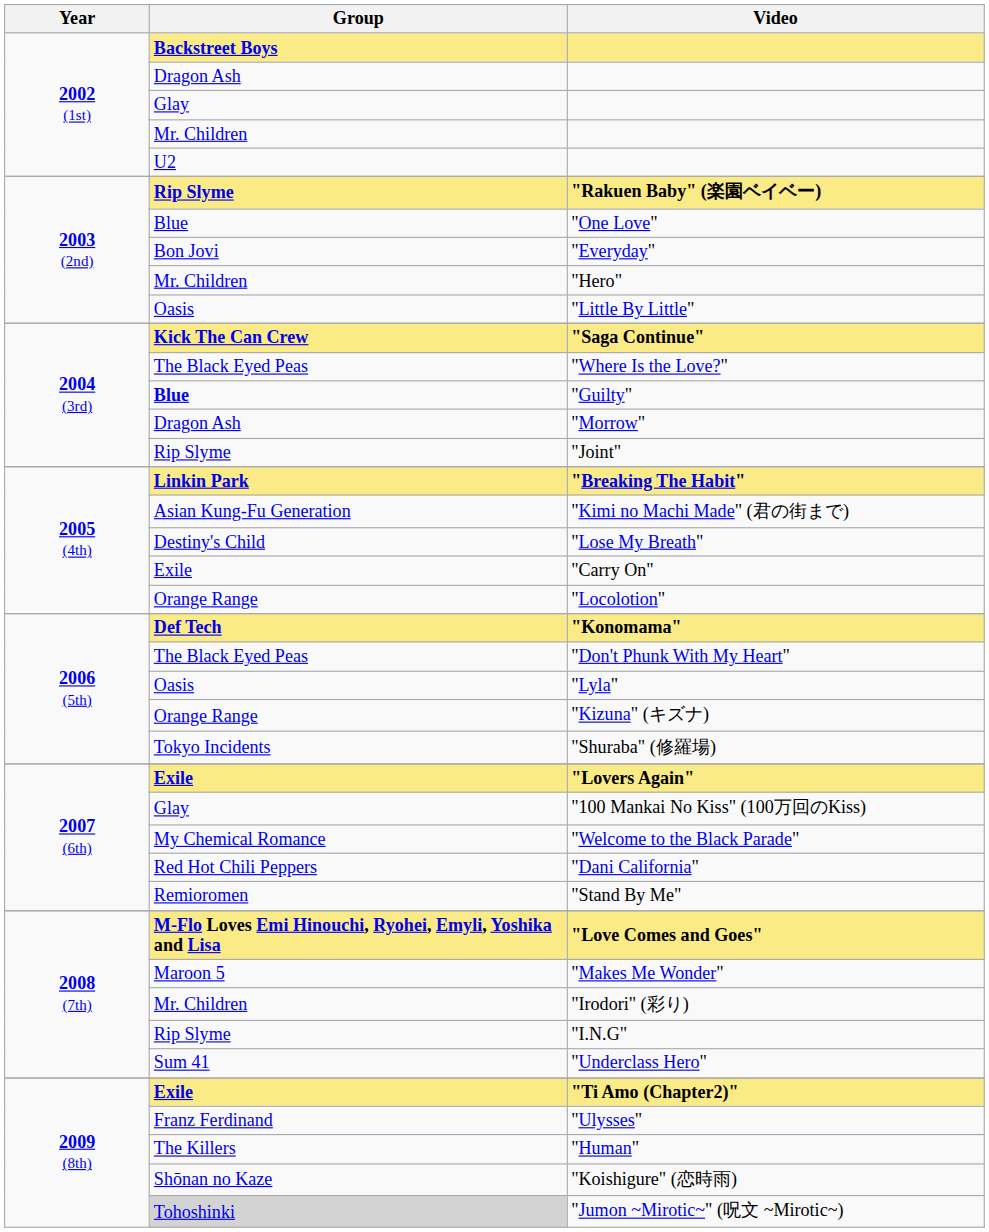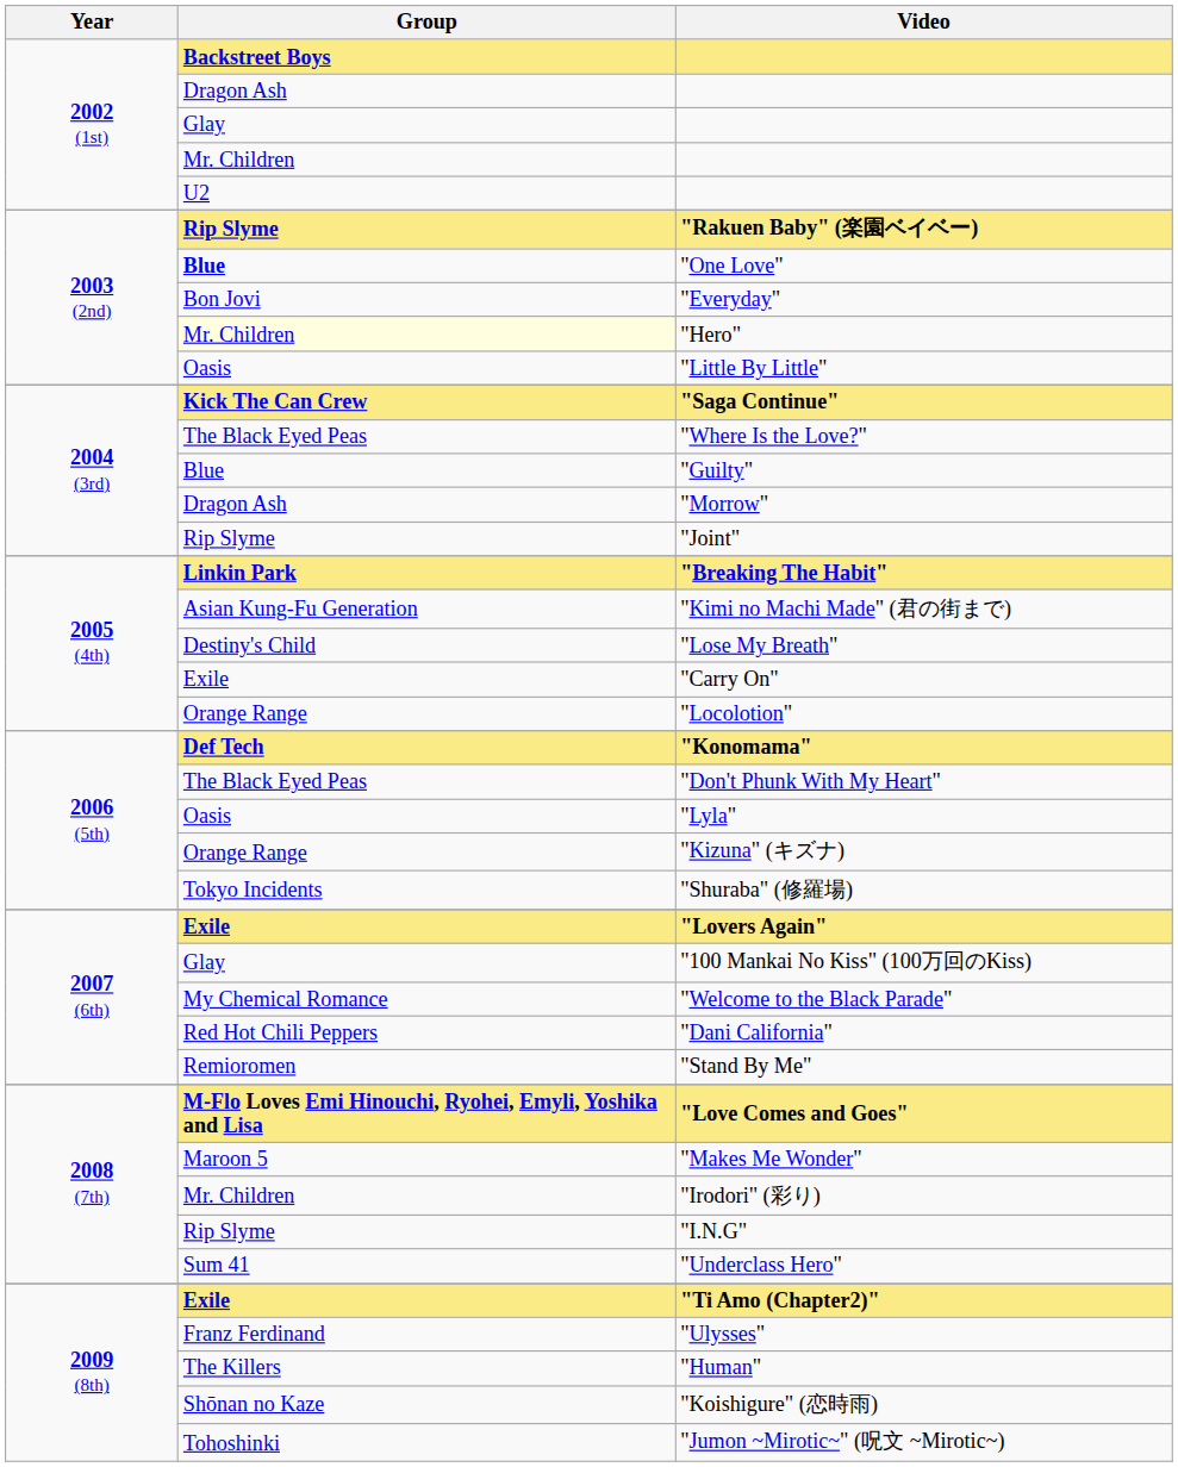 <table class="sortable wikitable">
 <tr>
 <th width="8%">Year</th>
 <th width="23%">Group</th>
 <th width="23%">Video</th>
 </tr>
 <tr>
 <td rowspan=5 style="text-align:center"><strong><a href='#'>2002</a></strong><br><small><a href='#'>(1st)</a></small></td>
 <td style="background:#FAEB86"><strong><a href='#'>Backstreet Boys</a></strong></td>
 <td style="background:#FAEB86"></td>
 </tr>
 <tr>
 <td><a href='#'>Dragon Ash</a></td>
 <td></td>
 </tr>
 <tr>
 <td><a href='#'>Glay</a></td>
 <td></td>
 </tr>
 <tr>
 <td><a href='#'>Mr. Children</a></td>
 <td></td>
 </tr>
 <tr>
 <td><a href='#'>U2</a></td>
 <td></td>
 </tr>
 <tr>
 </tr>
 <tr>
 <td rowspan=5 style="text-align:center"><strong><a href='#'>2003</a></strong><br><small><a href='#'>(2nd)</a></small></td>
 <td style="background:#FAEB86"><strong><a href='#'>Rip Slyme</a></strong></td>
 <td style="background:#FAEB86"><strong>"Rakuen Baby" (楽園ベイベー)</strong></td>
 </tr>
 <tr>
-<td><a href='#'>Blue</a></td>
+<td><strong><a href='#'>Blue</a></strong></td>
 <td>"<a href='#'>One Love</a>"</td>
 </tr>
 <tr>
 <td><a href='#'>Bon Jovi</a></td>
 <td>"<a href='#'>Everyday</a>"</td>
 </tr>
 <tr>
-<td><a href='#'>Mr. Children</a></td>
+<td style="background: lightyellow;"><a href='#'>Mr. Children</a></td>
 <td>"Hero"</td>
 </tr>
 <tr>
 <td><a href='#'>Oasis</a></td>
 <td>"<a href='#'>Little By Little</a>"</td>
 </tr>
 <tr>
 </tr>
 <tr>
 <td rowspan=5 style="text-align:center"><strong><a href='#'>2004</a></strong><br><small><a href='#'>(3rd)</a></small></td>
 <td style="background:#FAEB86"><strong><a href='#'>Kick The Can Crew</a></strong></td>
 <td style="background:#FAEB86"><strong>"Saga Continue"</strong></td>
 </tr>
 <tr>
 <td><a href='#'>The Black Eyed Peas</a></td>
 <td>"<a href='#'>Where Is the Love?</a>"</td>
 </tr>
 <tr>
-<td><strong><a href='#'>Blue</a></strong></td>
+<td><a href='#'>Blue</a></td>
 <td>"<a href='#'>Guilty</a>"</td>
 </tr>
 <tr>
 <td><a href='#'>Dragon Ash</a></td>
 <td>"<a href='#'>Morrow</a>"</td>
 </tr>
 <tr>
 <td><a href='#'>Rip Slyme</a></td>
 <td>"Joint"</td>
 </tr>
 <tr>
 </tr>
 <tr>
 <td rowspan=5 style="text-align:center"><strong><a href='#'>2005</a></strong><br><small><a href='#'>(4th)</a></small></td>
 <td style="background:#FAEB86"><strong><a href='#'>Linkin Park</a></strong></td>
 <td style="background:#FAEB86"><strong>"<a href='#'>Breaking The Habit</a>"</strong></td>
 </tr>
 <tr>
 <td><a href='#'>Asian Kung-Fu Generation</a></td>
 <td>"<a href='#'>Kimi no Machi Made</a>" (君の街まで)</td>
 </tr>
 <tr>
 <td><a href='#'>Destiny's Child</a></td>
 <td>"<a href='#'>Lose My Breath</a>"</td>
 </tr>
 <tr>
 <td><a href='#'>Exile</a></td>
 <td>"Carry On"</td>
 </tr>
 <tr>
 <td><a href='#'>Orange Range</a></td>
 <td>"<a href='#'>Locolotion</a>"</td>
 </tr>
 <tr>
 </tr>
 <tr>
 <td rowspan=5 style="text-align:center"><strong><a href='#'>2006</a></strong><br><small><a href='#'>(5th)</a></small></td>
 <td style="background:#FAEB86"><strong><a href='#'>Def Tech</a></strong></td>
 <td style="background:#FAEB86"><strong>"Konomama"</strong></td>
 </tr>
 <tr>
 <td><a href='#'>The Black Eyed Peas</a></td>
 <td>"<a href='#'>Don't Phunk With My Heart</a>"</td>
 </tr>
 <tr>
 <td><a href='#'>Oasis</a></td>
 <td>"<a href='#'>Lyla</a>"</td>
 </tr>
 <tr>
 <td><a href='#'>Orange Range</a></td>
 <td>"<a href='#'>Kizuna</a>" (キズナ)</td>
 </tr>
 <tr>
 <td><a href='#'>Tokyo Incidents</a></td>
 <td>"Shuraba" (修羅場)</td>
 </tr>
 <tr>
 </tr>
 <tr>
 <td rowspan=5 style="text-align:center"><strong><a href='#'>2007</a></strong><br><small><a href='#'>(6th)</a></small></td>
 <td style="background:#FAEB86"><strong><a href='#'>Exile</a></strong></td>
 <td style="background:#FAEB86"><strong>"Lovers Again"</strong></td>
 </tr>
 <tr>
 <td><a href='#'>Glay</a></td>
 <td>"100 Mankai No Kiss" (100万回のKiss)</td>
 </tr>
 <tr>
 <td><a href='#'>My Chemical Romance</a></td>
 <td>"<a href='#'>Welcome to the Black Parade</a>"</td>
 </tr>
 <tr>
 <td><a href='#'>Red Hot Chili Peppers</a></td>
 <td>"<a href='#'>Dani California</a>"</td>
 </tr>
 <tr>
 <td><a href='#'>Remioromen</a></td>
 <td>"Stand By Me"</td>
 </tr>
 <tr>
 </tr>
 <tr>
 <td rowspan=5 style="text-align:center"><strong><a href='#'>2008</a></strong><br><small><a href='#'>(7th)</a></small></td>
 <td style="background:#FAEB86"><strong><a href='#'>M-Flo</a> Loves <a href='#'>Emi Hinouchi</a>, <a href='#'>Ryohei</a>, <a href='#'>Emyli</a>, <a href='#'>Yoshika</a> and <a href='#'>Lisa</a></strong></td>
 <td style="background:#FAEB86"><strong>"Love Comes and Goes"</strong></td>
 </tr>
 <tr>
 <td><a href='#'>Maroon 5</a></td>
 <td>"<a href='#'>Makes Me Wonder</a>"</td>
 </tr>
 <tr>
 <td><a href='#'>Mr. Children</a></td>
 <td>"Irodori" (彩り)</td>
 </tr>
 <tr>
 <td><a href='#'>Rip Slyme</a></td>
 <td>"I.N.G"</td>
 </tr>
 <tr>
 <td><a href='#'>Sum 41</a></td>
 <td>"<a href='#'>Underclass Hero</a>"</td>
 </tr>
 <tr>
 </tr>
 <tr>
 <td rowspan=5 style="text-align:center"><strong><a href='#'>2009</a></strong><br><small><a href='#'>(8th)</a></small></td>
 <td style="background:#FAEB86"><strong><a href='#'>Exile</a></strong></td>
 <td style="background:#FAEB86"><strong>"Ti Amo (Chapter2)"</strong></td>
 </tr>
 <tr>
 <td><a href='#'>Franz Ferdinand</a></td>
 <td>"<a href='#'>Ulysses</a>"</td>
 </tr>
 <tr>
 <td><a href='#'>The Killers</a></td>
 <td>"<a href='#'>Human</a>"</td>
 </tr>
 <tr>
 <td><a href='#'>Shōnan no Kaze</a></td>
 <td>"Koishigure" (恋時雨)</td>
 </tr>
 <tr>
-<td style="background: lightgrey;"><a href='#'>Tohoshinki</a></td>
+<td><a href='#'>Tohoshinki</a></td>
 <td>"<a href='#'>Jumon ~Mirotic~</a>" (呪文 ~Mirotic~)</td>
 </tr>
 </table>
